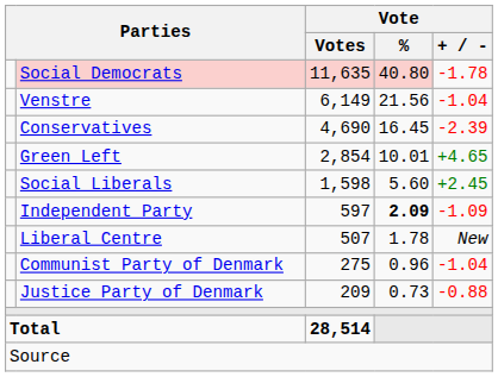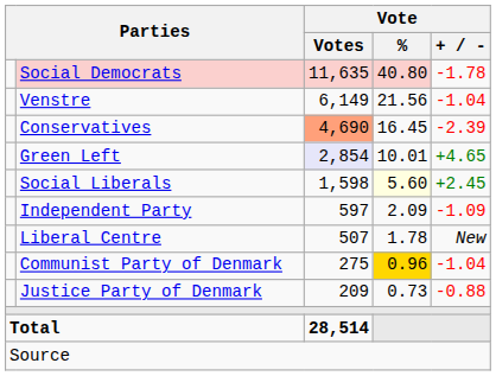 <table class="wikitable" style="text-align:right;">
 <tr>
 <th style="text-align:centre;" rowspan="2" colspan="2" width="225">Parties</th>
 <th colspan="3">Vote</th>
 </tr>
 <tr>
 <th width="15">Votes</th>
 <th width="15">%</th>
 <th width="15">+ / -</th>
 </tr>
 <tr>
 <td width="2" style="color:inherit;background:"></td>
 <td bgcolor=#fbd0ce  align="left"><a href='#'>Social Democrats</a></td>
 <td bgcolor=#fbd0ce>11,635</td>
 <td bgcolor=#fbd0ce>40.80</td>
 <td style=color:red;>-1.78</td>
 </tr>
 <tr>
 <td width="2" style="color:inherit;background:"></td>
 <td align="left"><a href='#'>Venstre</a></td>
 <td>6,149</td>
 <td>21.56</td>
 <td style=color:red;>-1.04</td>
 </tr>
 <tr>
 <td width="2" style="color:inherit;background:"></td>
 <td align="left"><a href='#'>Conservatives</a></td>
-<td>4,690</td>
+<td style="background: lightsalmon;">4,690</td>
 <td>16.45</td>
 <td style=color:red;>-2.39</td>
 </tr>
 <tr>
 <td width="2" style="color:inherit;background:"></td>
 <td align="left"><a href='#'>Green Left</a></td>
-<td>2,854</td>
+<td style="background: lavender;">2,854</td>
 <td>10.01</td>
 <td style=color:green;>+4.65</td>
 </tr>
 <tr>
 <td width="2" style="color:inherit;background:"></td>
 <td align="left"><a href='#'>Social Liberals</a></td>
 <td>1,598</td>
-<td>5.60</td>
+<td style="background: lightyellow;">5.60</td>
 <td style=color:green;>+2.45</td>
 </tr>
 <tr>
 <td width="2" style="color:inherit;background:"></td>
 <td align="left"><a href='#'>Independent Party</a></td>
 <td>597</td>
-<td><strong>2.09</strong></td>
+<td>2.09</td>
 <td style=color:red;>-1.09</td>
 </tr>
 <tr>
 <td width="2" style="color:inherit;background:"></td>
 <td align="left"><a href='#'>Liberal Centre</a></td>
 <td>507</td>
 <td>1.78</td>
 <td><em>New</em></td>
 </tr>
 <tr>
 <td width="2" style="color:inherit;background:"></td>
 <td align="left"><a href='#'>Communist Party of Denmark</a></td>
 <td>275</td>
-<td>0.96</td>
+<td style="background: gold;">0.96</td>
 <td style=color:red;>-1.04</td>
 </tr>
 <tr>
 <td width="2" style="color:inherit;background:"></td>
 <td align="left"><a href='#'>Justice Party of Denmark</a></td>
 <td>209</td>
 <td>0.73</td>
 <td style=color:red;>-0.88</td>
 </tr>
 <tr>
 <td colspan="7" bgcolor="#E9E9E9"></td>
 </tr>
 <tr>
 <td align="left" colspan="2"><strong>Total</strong></td>
 <td><strong>28,514</strong></td>
 <td bgcolor="#E9E9E9" colspan="2"></td>
 </tr>
 <tr>
 <td align="left" colspan="6">Source</td>
 </tr>
 </table>
